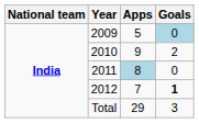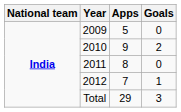 <table class="wikitable" style="font-size:90%; text-align: center;">
 <tr>
 <th>National team</th>
 <th>Year</th>
 <th>Apps</th>
 <th>Goals</th>
 </tr>
 <tr>
 <td rowspan=5><strong><a href='#'>India</a></strong></td>
 <td>2009</td>
 <td>5</td>
-<td style="background: lightblue;">0</td>
+<td>0</td>
 </tr>
 <tr>
 <td>2010</td>
 <td>9</td>
 <td>2</td>
 </tr>
 <tr>
 <td>2011</td>
-<td style="background: lightblue;">8</td>
+<td>8</td>
 <td>0</td>
 </tr>
 <tr>
 <td>2012</td>
 <td>7</td>
-<td><strong>1</strong></td>
+<td>1</td>
 </tr>
 <tr>
 <td>Total</td>
 <td>29</td>
 <td>3</td>
 </tr>
 </table>
